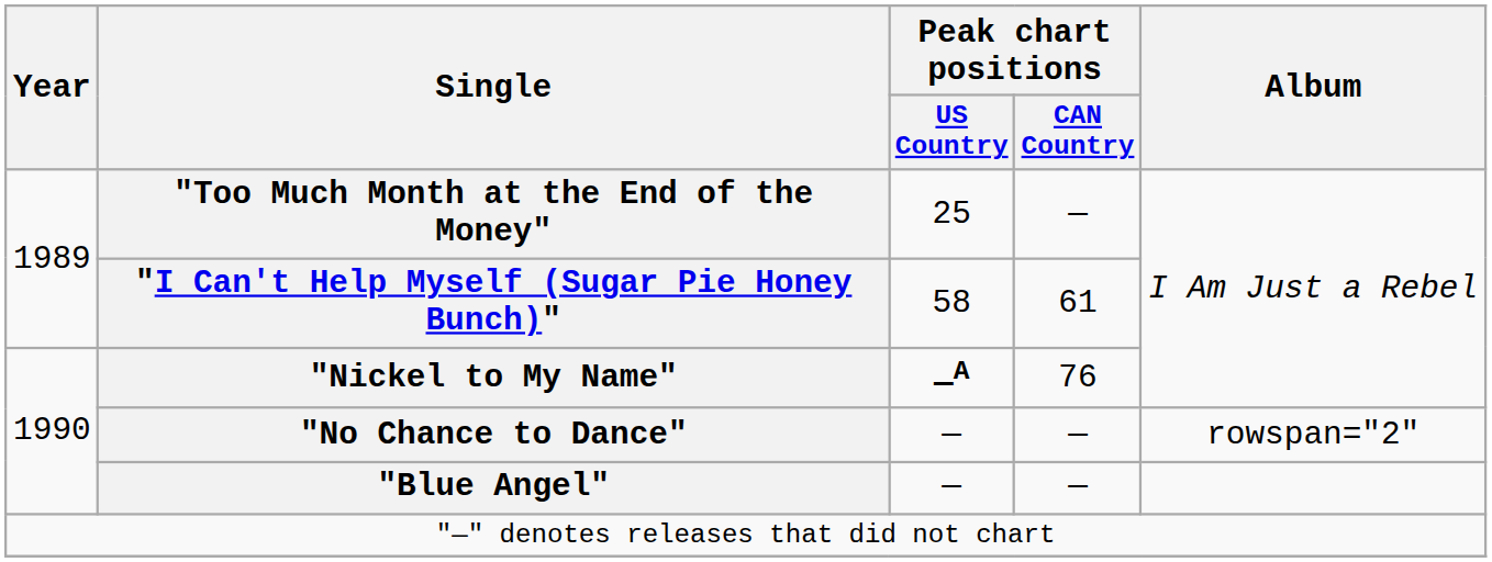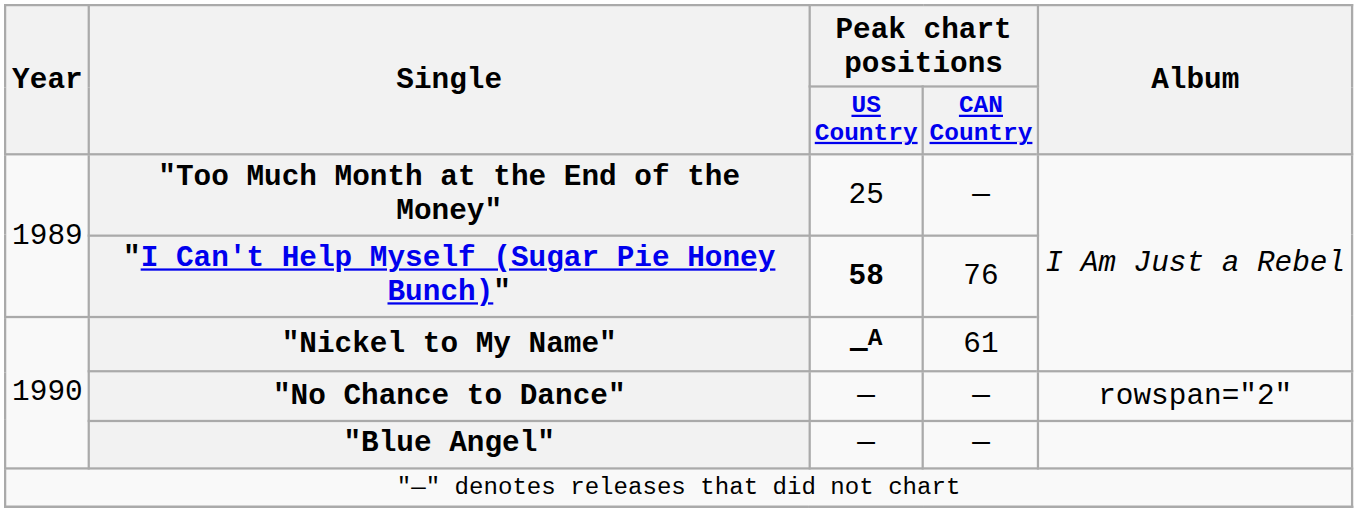 <table class="wikitable plainrowheaders" style="text-align:center;">
 <tr>
 <th rowspan="2">Year</th>
 <th rowspan="2" style="width:24em;">Single</th>
 <th colspan="2">Peak chart<br>positions</th>
 <th rowspan="2">Album</th>
 </tr>
 <tr style="font-size:smaller;">
 <th width="45"><a href='#'>US Country</a></th>
 <th width="45"><a href='#'>CAN Country</a></th>
 </tr>
 <tr>
 <td rowspan="2">1989</td>
 <th scope="row">"Too Much Month at the End of the Money"</th>
 <td>25</td>
 <td>—</td>
 <td align="left" rowspan="3"><em>I Am Just a Rebel</em></td>
 </tr>
 <tr>
 <th scope="row">"<a href='#'>I Can't Help Myself (Sugar Pie Honey Bunch)</a>"</th>
-<td>58</td>
-<td>61</td>
+<td><strong>58</strong></td>
+<td>76</td>
 </tr>
 <tr>
 <td rowspan=3>1990</td>
 <th scope="row">"Nickel to My Name"</th>
 <td><strong>—<sup>A</sup></strong></td>
-<td>76</td>
+<td>61</td>
 </tr>
 <tr>
 <th scope="row">"No Chance to Dance"</th>
 <td>—</td>
 <td>—</td>
 <td>rowspan="2" </td>
 </tr>
 <tr>
 <th scope="row">"Blue Angel"</th>
 <td>—</td>
 <td>—</td>
 </tr>
 <tr>
 <td colspan="5" style="font-size:8pt">"—" denotes releases that did not chart</td>
 </tr>
 <tr>
 </tr>
 </table>
